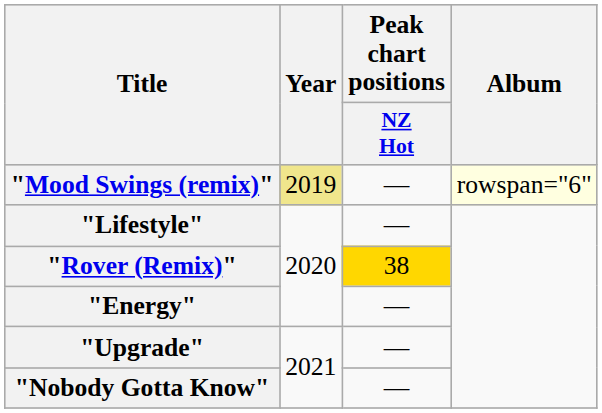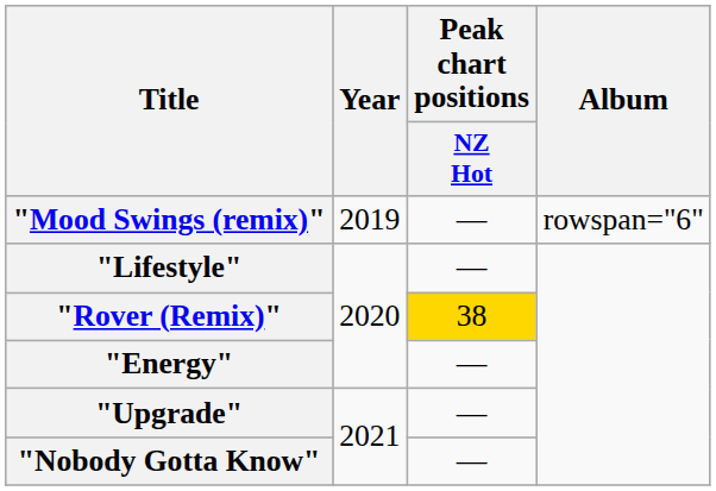 <table class="wikitable plainrowheaders" style="text-align:center;">
 <tr>
 <th scope="col" rowspan="2">Title</th>
 <th scope="col" rowspan="2">Year</th>
 <th scope="col" colspan="1">Peak chart positions</th>
 <th scope="col" rowspan="2">Album</th>
 </tr>
 <tr>
 <th scope="col" style="width:2.75em;font-size:85%;"><a href='#'>NZ<br>Hot</a><br></th>
 </tr>
 <tr>
 <th scope="row">"<a href='#'>Mood Swings (remix)</a>"<br></th>
-<td style="background: khaki;">2019</td>
+<td>2019</td>
 <td>—</td>
-<td style="background: lightyellow;">rowspan="6" </td>
+<td>rowspan="6" </td>
 </tr>
 <tr>
 <th scope="row">"Lifestyle"<br></th>
 <td rowspan="3">2020</td>
 <td>—</td>
 </tr>
 <tr>
 <th scope="row">"<a href='#'>Rover (Remix)</a>"<br></th>
 <td style="background: gold;">38</td>
 </tr>
 <tr>
 <th scope="row">"Energy"<br></th>
 <td>—</td>
 </tr>
 <tr>
 <th scope="row">"Upgrade"<br></th>
 <td rowspan="2">2021</td>
 <td>—</td>
 </tr>
 <tr>
 <th scope="row">"Nobody Gotta Know"<br></th>
 <td>—</td>
 </tr>
 </table>
